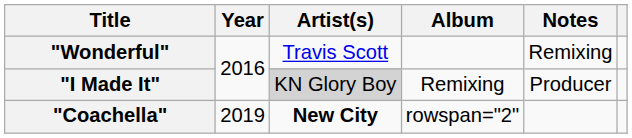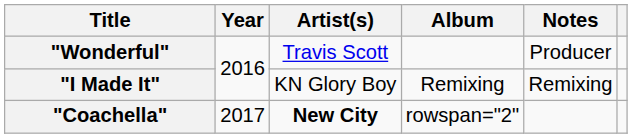 <table class="wikitable plainrowheaders" style="text-align:center">
 <tr>
 <th scope="col" style="width:10em;">Title</th>
 <th scope="col" style="width:1em;">Year</th>
 <th scope="col">Artist(s)</th>
 <th scope="col">Album</th>
 <th scope="col">Notes</th>
 <th scope="col"></th>
 </tr>
 <tr>
 <th scope="row">"Wonderful"</th>
 <td rowspan="2">2016</td>
 <td><a href='#'>Travis Scott</a></td>
 <td></td>
+<td>Producer</td>
+<td></td>
+</tr>
+<tr>
+<th scope="row">"I Made It"</th>
+<td>KN Glory Boy</td>
+<td>Remixing</td>
 <td>Remixing</td>
 <td></td>
 </tr>
 <tr>
-<th scope="row">"I Made It"</th>
-<td style="background: lightgrey;">KN Glory Boy</td>
-<td>Remixing</td>
-<td>Producer</td>
-<td></td>
-</tr>
-<tr>
 <th scope="row">"Coachella"</th>
-<td>2019</td>
+<td>2017</td>
 <td><strong>New City</strong></td>
 <td>rowspan="2" </td>
 <td></td>
 </tr>
 </table>
